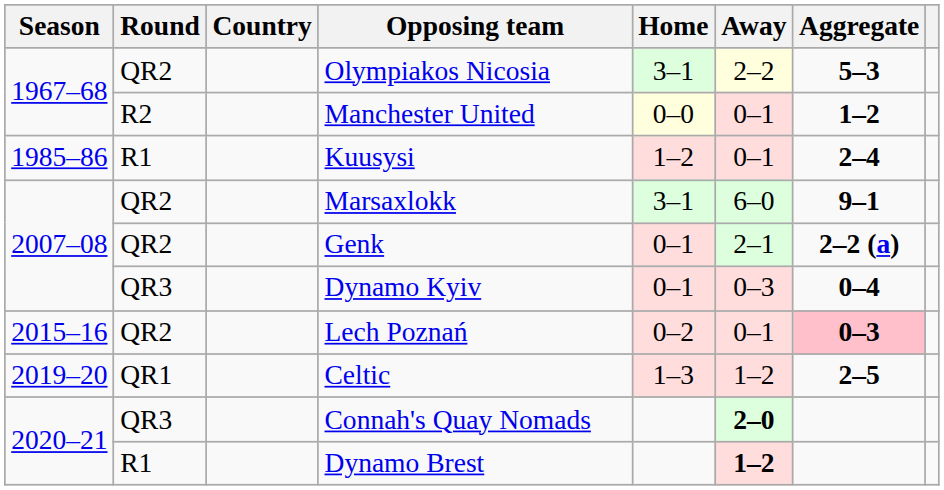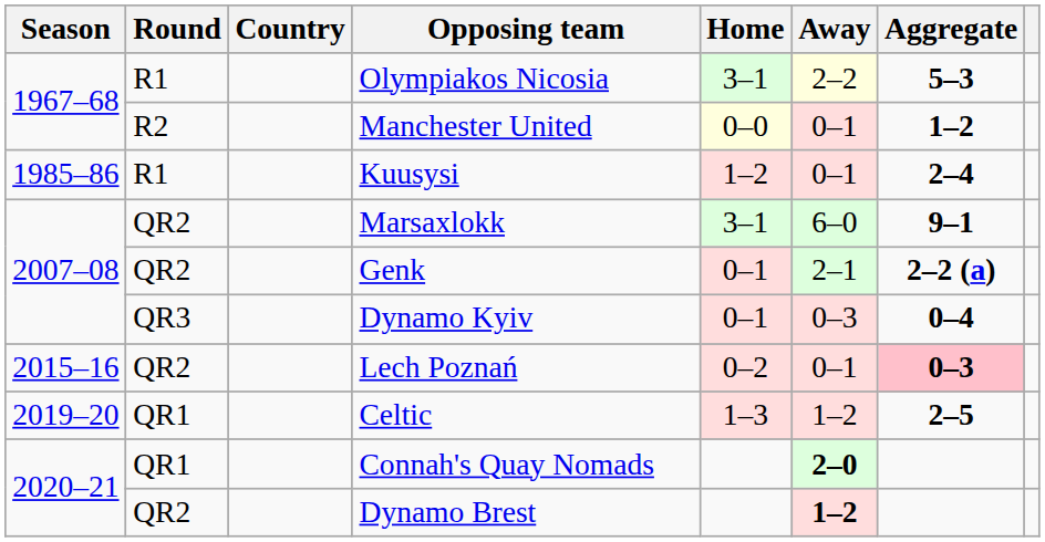 <table class="wikitable">
 <tr>
 <th>Season</th>
 <th>Round</th>
 <th>Country</th>
 <th width=175>Opposing team</th>
 <th>Home</th>
 <th>Away</th>
 <th>Aggregate</th>
 <th></th>
 </tr>
 <tr>
 <td rowspan="2"><a href='#'>1967–68</a></td>
-<td>QR2</td>
+<td>R1</td>
 <td></td>
 <td><a href='#'>Olympiakos Nicosia</a></td>
 <td style="text-align:center; background:#dfd;">3–1</td>
 <td style="text-align:center; background:#ffd;">2–2</td>
 <td style="text-align:center;"><strong>5–3</strong></td>
 <td style="text-align:center;"></td>
 </tr>
 <tr>
 <td>R2</td>
 <td></td>
 <td><a href='#'>Manchester United</a></td>
 <td style="text-align:center; background:#ffd;">0–0</td>
 <td style="text-align:center; background:#fdd;">0–1</td>
 <td style="text-align:center;"><strong>1–2</strong></td>
 <td style="text-align:center;"></td>
 </tr>
 <tr>
 <td><a href='#'>1985–86</a></td>
 <td>R1</td>
 <td></td>
 <td><a href='#'>Kuusysi</a></td>
 <td style="text-align:center; background:#fdd;">1–2</td>
 <td style="text-align:center; background:#fdd;">0–1</td>
 <td style="text-align:center;"><strong>2–4</strong></td>
 <td style="text-align:center;"></td>
 </tr>
 <tr>
 <td rowspan="3"><a href='#'>2007–08</a></td>
 <td>QR2</td>
 <td></td>
 <td><a href='#'>Marsaxlokk</a></td>
 <td style="text-align:center; background:#dfd;">3–1</td>
 <td style="text-align:center; background:#dfd;">6–0</td>
 <td style="text-align:center;"><strong>9–1</strong></td>
 <td style="text-align:center;"></td>
 </tr>
 <tr>
 <td>QR2</td>
 <td></td>
 <td><a href='#'>Genk</a></td>
 <td style="text-align:center; background:#fdd;">0–1</td>
 <td style="text-align:center; background:#dfd;">2–1</td>
 <td style="text-align:center;"><strong>2–2 (<a href='#'>a</a>)</strong></td>
 <td style="text-align:center;"></td>
 </tr>
 <tr>
 <td>QR3</td>
 <td></td>
 <td><a href='#'>Dynamo Kyiv</a></td>
 <td style="text-align:center; background:#fdd;">0–1</td>
 <td style="text-align:center; background:#fdd;">0–3</td>
 <td style="text-align:center;"><strong>0–4</strong></td>
 <td style="text-align:center;"></td>
 </tr>
 <tr>
 <td><a href='#'>2015–16</a></td>
 <td>QR2</td>
 <td></td>
 <td><a href='#'>Lech Poznań</a></td>
 <td style="text-align:center; background:#fdd;">0–2</td>
 <td style="text-align:center; background:#fdd;">0–1</td>
 <td style="background: pink; text-align:center;"><strong>0–3</strong></td>
 <td style="text-align:center;"></td>
 </tr>
 <tr>
 <td><a href='#'>2019–20</a></td>
 <td>QR1</td>
 <td></td>
 <td><a href='#'>Celtic</a></td>
 <td style="text-align:center; background:#fdd;">1–3</td>
 <td style="text-align:center; background:#fdd;">1–2</td>
 <td style="text-align:center;"><strong>2–5</strong></td>
 <td style="text-align:center;"></td>
 </tr>
 <tr>
 <td rowspan="2"><a href='#'>2020–21</a></td>
-<td>QR3</td>
+<td>QR1</td>
 <td></td>
 <td><a href='#'>Connah's Quay Nomads</a></td>
 <td></td>
 <td style="text-align:center; background:#dfd;"><strong>2–0</strong></td>
 <td></td>
 <td style="text-align:center;"></td>
 </tr>
 <tr>
-<td>R1</td>
+<td>QR2</td>
 <td></td>
 <td><a href='#'>Dynamo Brest</a></td>
 <td></td>
 <td style="text-align:center; background:#fdd;"><strong>1–2</strong></td>
 <td></td>
 <td style="text-align:center;"></td>
 </tr>
 </table>
